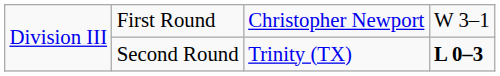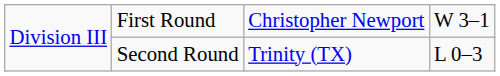 <table class="wikitable">
 <tr>
 <td rowspan="5"><a href='#'>Division III</a></td>
 <td>First Round</td>
 <td><a href='#'>Christopher Newport</a></td>
 <td>W 3–1</td>
 </tr>
 <tr>
 <td>Second Round</td>
 <td><a href='#'>Trinity (TX)</a></td>
-<td><strong>L 0–3</strong></td>
+<td>L 0–3</td>
 </tr>
 </table>
